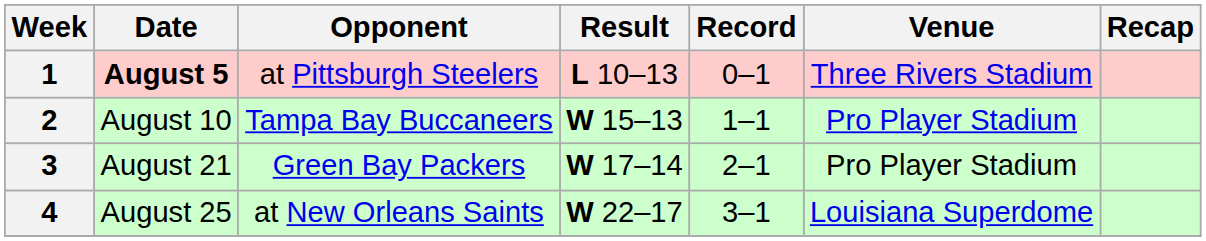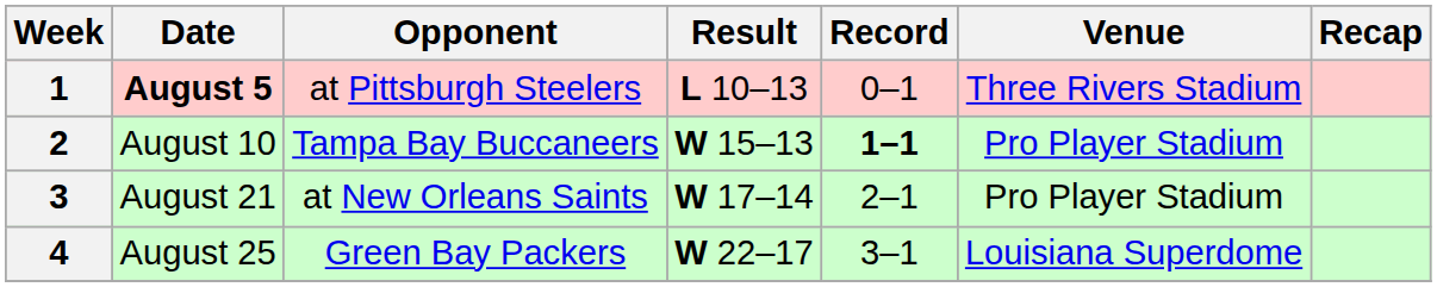 <table class="wikitable" style="text-align:center">
 <tr>
 <th>Week</th>
 <th>Date</th>
 <th>Opponent</th>
 <th>Result</th>
 <th>Record</th>
 <th>Venue</th>
 <th>Recap</th>
 </tr>
 <tr style="background: #fcc;">
 <th>1</th>
 <td><strong>August 5</strong></td>
 <td>at <a href='#'>Pittsburgh Steelers</a></td>
 <td><strong>L</strong> 10–13</td>
 <td>0–1</td>
 <td><a href='#'>Three Rivers Stadium</a></td>
 <td></td>
 </tr>
 <tr style="background: #cfc;">
 <th>2</th>
 <td>August 10</td>
 <td><a href='#'>Tampa Bay Buccaneers</a></td>
 <td><strong>W</strong> 15–13</td>
-<td>1–1</td>
+<td><strong>1–1</strong></td>
 <td><a href='#'>Pro Player Stadium</a></td>
 <td></td>
 </tr>
 <tr style="background: #cfc;">
 <th>3</th>
 <td>August 21</td>
-<td><a href='#'>Green Bay Packers</a></td>
+<td>at <a href='#'>New Orleans Saints</a></td>
 <td><strong>W</strong> 17–14</td>
 <td>2–1</td>
 <td>Pro Player Stadium</td>
 <td></td>
 </tr>
 <tr style="background: #cfc;">
 <th>4</th>
 <td>August 25</td>
-<td>at <a href='#'>New Orleans Saints</a></td>
+<td><a href='#'>Green Bay Packers</a></td>
 <td><strong>W</strong> 22–17</td>
 <td>3–1</td>
 <td><a href='#'>Louisiana Superdome</a></td>
 <td></td>
 </tr>
 <tr align="center" bgcolor="">
 </tr>
 </table>
